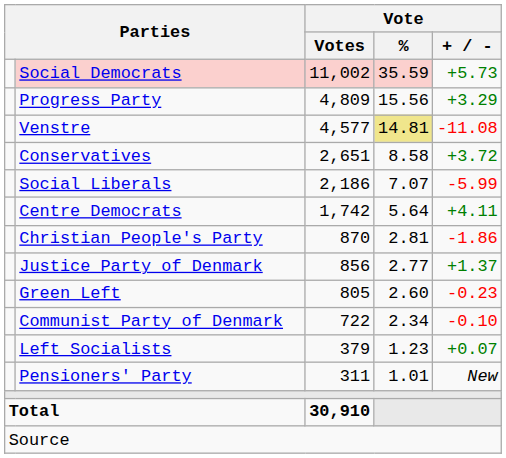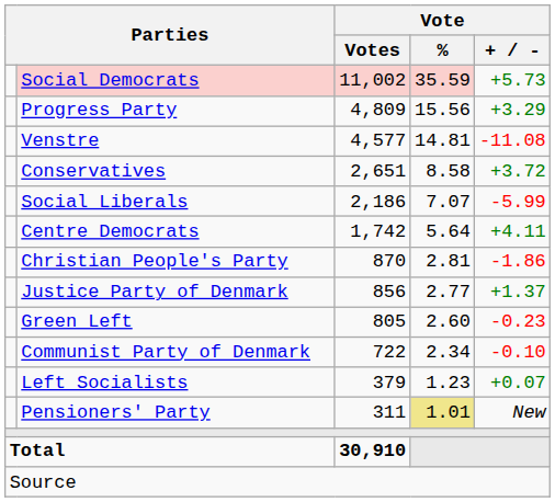 <table class="wikitable" style="text-align:right;">
 <tr>
 <th style="text-align:centre;" rowspan="2" colspan="2" width="225">Parties</th>
 <th colspan="3">Vote</th>
 </tr>
 <tr>
 <th width="15">Votes</th>
 <th width="15">%</th>
 <th width="15">+ / -</th>
 </tr>
 <tr>
 <td width="2" style="color:inherit;background:"></td>
 <td bgcolor=#fbd0ce  align="left"><a href='#'>Social Democrats</a></td>
 <td bgcolor=#fbd0ce>11,002</td>
 <td bgcolor=#fbd0ce>35.59</td>
 <td style=color:green;>+5.73</td>
 </tr>
 <tr>
 <td width="2" style="color:inherit;background:"></td>
 <td align="left"><a href='#'>Progress Party</a></td>
 <td>4,809</td>
 <td>15.56</td>
 <td style=color:green;>+3.29</td>
 </tr>
 <tr>
 <td width="2" style="color:inherit;background:"></td>
 <td align="left"><a href='#'>Venstre</a></td>
 <td>4,577</td>
-<td style="background: khaki;">14.81</td>
+<td>14.81</td>
 <td style=color:red;>-11.08</td>
 </tr>
 <tr>
 <td width="2" style="color:inherit;background:"></td>
 <td align="left"><a href='#'>Conservatives</a></td>
 <td>2,651</td>
 <td>8.58</td>
 <td style=color:green;>+3.72</td>
 </tr>
 <tr>
 <td width="2" style="color:inherit;background:"></td>
 <td align="left"><a href='#'>Social Liberals</a></td>
 <td>2,186</td>
 <td>7.07</td>
 <td style=color:red;>-5.99</td>
 </tr>
 <tr>
 <td width="2" style="color:inherit;background:"></td>
 <td align="left"><a href='#'>Centre Democrats</a></td>
 <td>1,742</td>
 <td>5.64</td>
 <td style=color:green;>+4.11</td>
 </tr>
 <tr>
 <td width="2" style="color:inherit;background:"></td>
 <td align="left"><a href='#'>Christian People's Party</a></td>
 <td>870</td>
 <td>2.81</td>
 <td style=color:red;>-1.86</td>
 </tr>
 <tr>
 <td width="2" style="color:inherit;background:"></td>
 <td align="left"><a href='#'>Justice Party of Denmark</a></td>
 <td>856</td>
 <td>2.77</td>
 <td style=color:green;>+1.37</td>
 </tr>
 <tr>
 <td width="2" style="color:inherit;background:"></td>
 <td align="left"><a href='#'>Green Left</a></td>
 <td>805</td>
 <td>2.60</td>
 <td style=color:red;>-0.23</td>
 </tr>
 <tr>
 <td width="2" style="color:inherit;background:"></td>
 <td align="left"><a href='#'>Communist Party of Denmark</a></td>
 <td>722</td>
 <td>2.34</td>
 <td style=color:red;>-0.10</td>
 </tr>
 <tr>
 <td width="2" style="color:inherit;background:"></td>
 <td align="left"><a href='#'>Left Socialists</a></td>
 <td>379</td>
 <td>1.23</td>
 <td style=color:green;>+0.07</td>
 </tr>
 <tr>
 <td width="2" style="color:inherit;background:"></td>
 <td align="left"><a href='#'>Pensioners' Party</a></td>
 <td>311</td>
-<td>1.01</td>
+<td style="background: khaki;">1.01</td>
 <td><em>New</em></td>
 </tr>
 <tr>
 <td colspan="7" bgcolor="#E9E9E9"></td>
 </tr>
 <tr>
 <td align="left" colspan="2"><strong>Total</strong></td>
 <td><strong>30,910</strong></td>
 <td bgcolor="#E9E9E9" colspan="2"></td>
 </tr>
 <tr>
 <td align="left" colspan="6">Source</td>
 </tr>
 </table>
